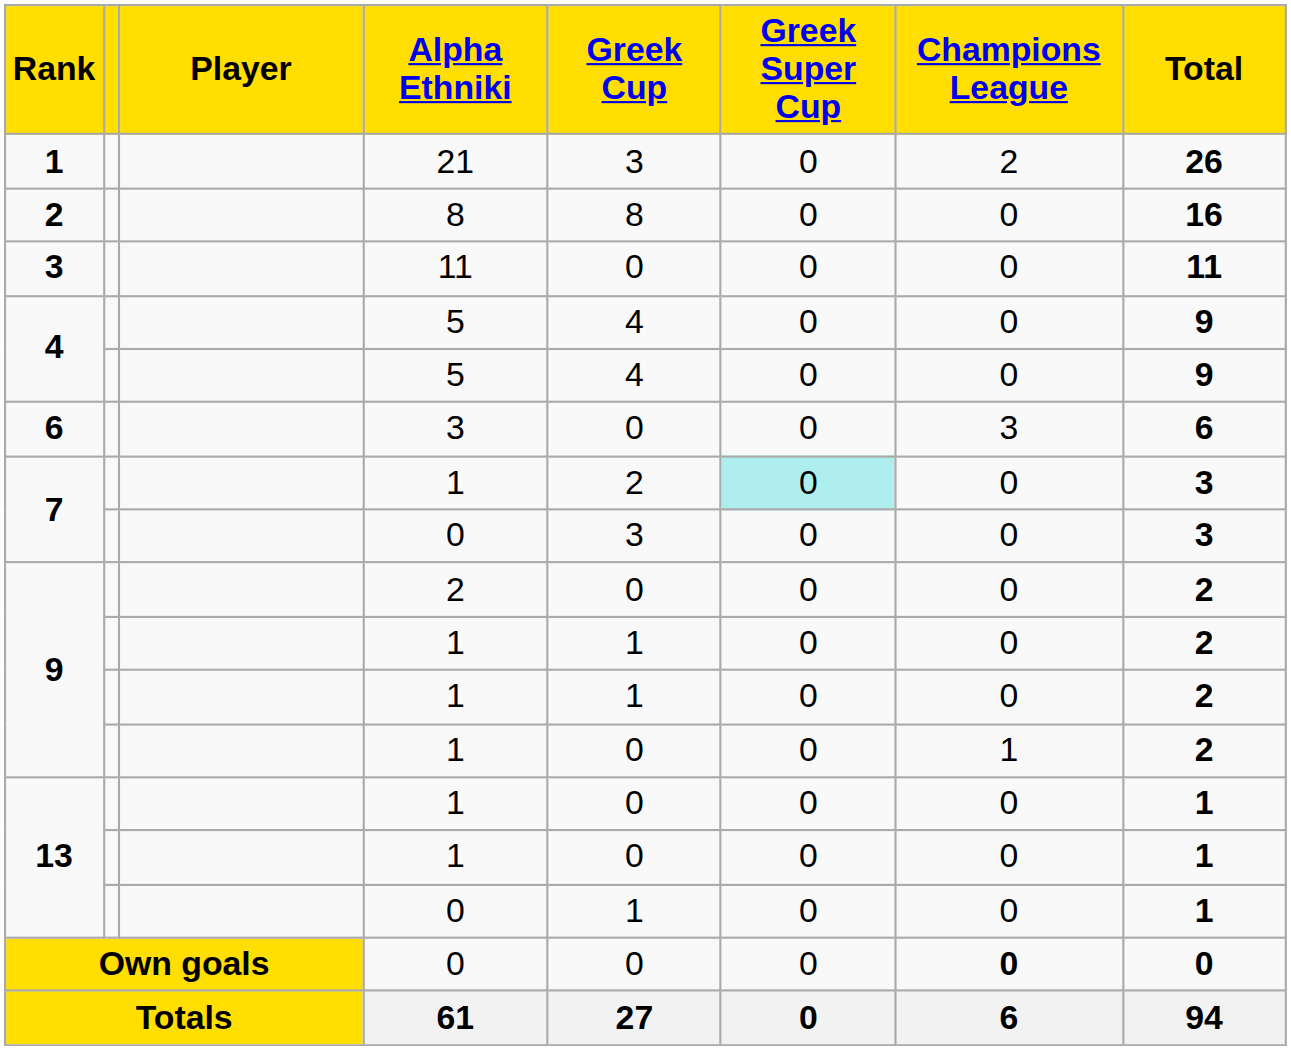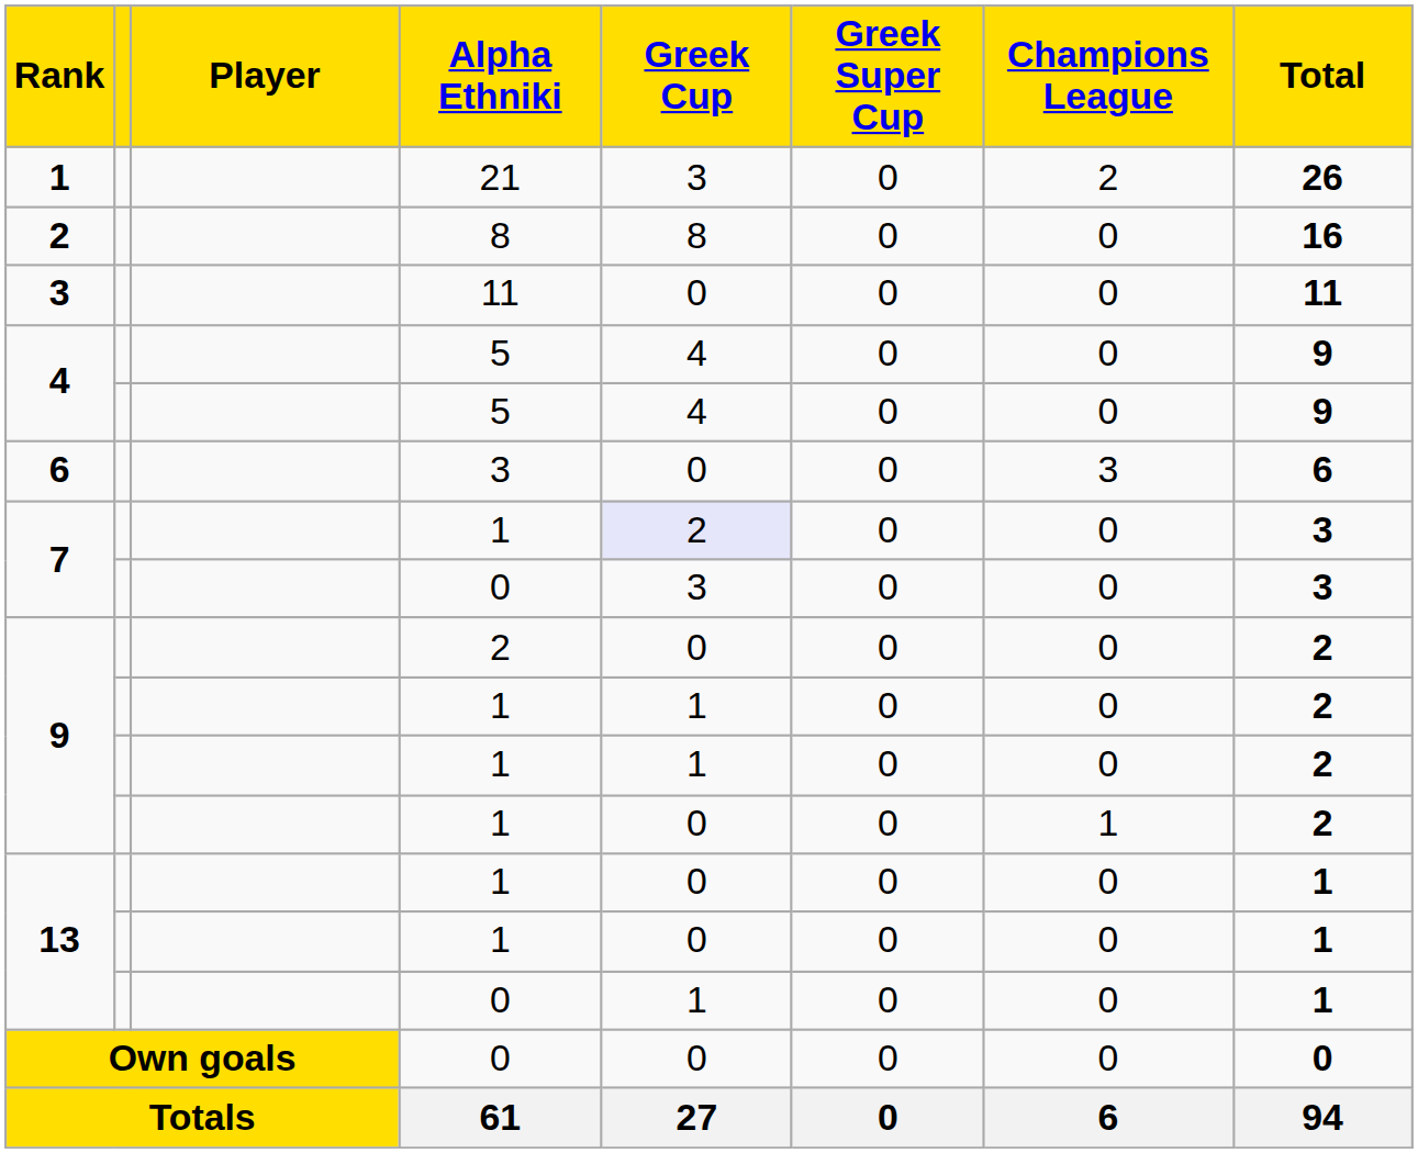 <table class="wikitable sortable" style="text-align: center">
 <tr>
 <th style="background:#FFDE00">Rank</th>
 <th style="background:#FFDE00"></th>
 <th width=200 style="background:#FFDE00">Player</th>
 <th width=120 style="background:#FFDE00"><a href='#'>Alpha Ethniki</a></th>
 <th width=120 style="background:#FFDE00"><a href='#'>Greek Cup</a></th>
 <th width=120 style="background:#FFDE00"><a href='#'>Greek Super Cup</a></th>
 <th width=120 style="background:#FFDE00"><a href='#'>Champions League</a></th>
 <th width=120 style="background:#FFDE00">Total</th>
 </tr>
 <tr>
 <td><strong>1</strong></td>
 <td></td>
 <td align=left></td>
 <td>21</td>
 <td>3</td>
 <td>0</td>
 <td>2</td>
 <td><strong>26</strong></td>
 </tr>
 <tr>
 <td><strong>2</strong></td>
 <td></td>
 <td align=left></td>
 <td>8</td>
 <td>8</td>
 <td>0</td>
 <td>0</td>
 <td><strong>16</strong></td>
 </tr>
 <tr>
 <td><strong>3</strong></td>
 <td></td>
 <td align=left></td>
 <td>11</td>
 <td>0</td>
 <td>0</td>
 <td>0</td>
 <td><strong>11</strong></td>
 </tr>
 <tr>
 <td rowspan=2><strong>4</strong></td>
 <td></td>
 <td align=left></td>
 <td>5</td>
 <td>4</td>
 <td>0</td>
 <td>0</td>
 <td><strong>9</strong></td>
 </tr>
 <tr>
 <td></td>
 <td align=left></td>
 <td>5</td>
 <td>4</td>
 <td>0</td>
 <td>0</td>
 <td><strong>9</strong></td>
 </tr>
 <tr>
 <td><strong>6</strong></td>
 <td></td>
 <td align=left></td>
 <td>3</td>
 <td>0</td>
 <td>0</td>
 <td>3</td>
 <td><strong>6</strong></td>
 </tr>
 <tr>
 <td rowspan=2><strong>7</strong></td>
 <td></td>
 <td align=left></td>
 <td>1</td>
-<td>2</td>
-<td style="background: paleturquoise;">0</td>
+<td style="background: lavender;">2</td>
+<td>0</td>
 <td>0</td>
 <td><strong>3</strong></td>
 </tr>
 <tr>
 <td></td>
 <td align=left></td>
 <td>0</td>
 <td>3</td>
 <td>0</td>
 <td>0</td>
 <td><strong>3</strong></td>
 </tr>
 <tr>
 <td rowspan=4><strong>9</strong></td>
 <td></td>
 <td align=left></td>
 <td>2</td>
 <td>0</td>
 <td>0</td>
 <td>0</td>
 <td><strong>2</strong></td>
 </tr>
 <tr>
 <td></td>
 <td align=left></td>
 <td>1</td>
 <td>1</td>
 <td>0</td>
 <td>0</td>
 <td><strong>2</strong></td>
 </tr>
 <tr>
 <td></td>
 <td align=left></td>
 <td>1</td>
 <td>1</td>
 <td>0</td>
 <td>0</td>
 <td><strong>2</strong></td>
 </tr>
 <tr>
 <td></td>
 <td align=left></td>
 <td>1</td>
 <td>0</td>
 <td>0</td>
 <td>1</td>
 <td><strong>2</strong></td>
 </tr>
 <tr>
 <td rowspan=3><strong>13</strong></td>
 <td></td>
 <td align=left></td>
 <td>1</td>
 <td>0</td>
 <td>0</td>
 <td>0</td>
 <td><strong>1</strong></td>
 </tr>
 <tr>
 <td></td>
 <td align=left></td>
 <td>1</td>
 <td>0</td>
 <td>0</td>
 <td>0</td>
 <td><strong>1</strong></td>
 </tr>
 <tr>
 <td></td>
 <td align=left></td>
 <td>0</td>
 <td>1</td>
 <td>0</td>
 <td>0</td>
 <td><strong>1</strong></td>
 </tr>
 <tr class="sortbottom">
 <td colspan=3 style="background:#FFDE00"><strong>Own goals</strong></td>
 <td>0</td>
 <td>0</td>
 <td>0</td>
-<td><strong>0</strong></td>
+<td>0</td>
 <td><strong>0</strong></td>
 </tr>
 <tr class="sortbottom">
 <th colspan=3 style="background:#FFDE00"><strong>Totals</strong></th>
 <th><strong>61</strong></th>
 <th><strong>27</strong></th>
 <th><strong> 0</strong></th>
 <th><strong> 6</strong></th>
 <th><strong>94</strong></th>
 </tr>
 </table>
